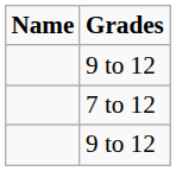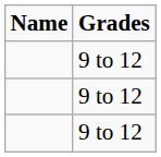 <table class="wikitable">
 <tr>
 <td><strong>Name</strong></td>
 <td><strong>Grades</strong></td>
 </tr>
 <tr>
 <td></td>
 <td>9 to 12</td>
 </tr>
 <tr>
 <td></td>
-<td>7 to 12</td>
+<td>9 to 12</td>
 </tr>
 <tr>
 <td></td>
 <td>9 to 12</td>
 </tr>
 </table>
